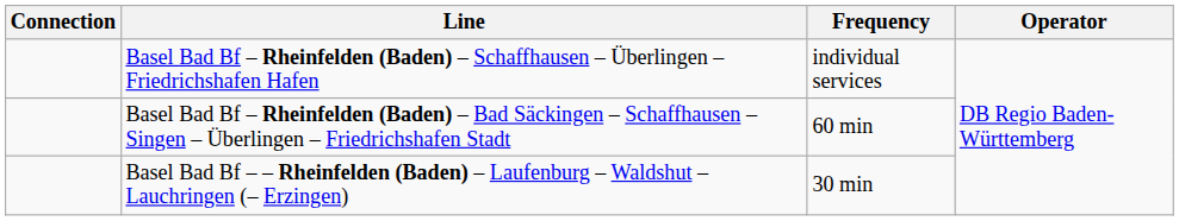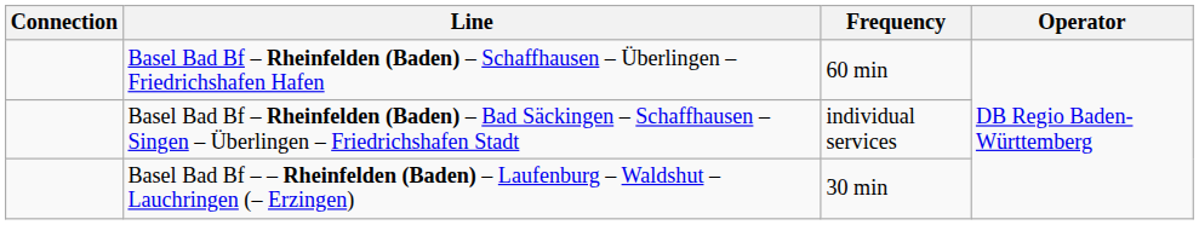 <table class="wikitable">
 <tr>
 <th>Connection</th>
 <th>Line</th>
 <th>Frequency</th>
 <th>Operator</th>
 </tr>
 <tr>
 <td align="center"></td>
 <td><a href='#'>Basel Bad Bf</a> – <strong>Rheinfelden (Baden)</strong> – <a href='#'>Schaffhausen</a> – Überlingen – <a href='#'>Friedrichshafen Hafen</a></td>
-<td>individual services</td>
+<td>60 min</td>
 <td rowspan="3"><a href='#'>DB Regio Baden-Württemberg</a></td>
 </tr>
 <tr>
 <td align="center"></td>
 <td>Basel Bad Bf – <strong>Rheinfelden (Baden)</strong> – <a href='#'>Bad Säckingen</a> – <a href='#'>Schaffhausen</a> – <a href='#'>Singen</a> – Überlingen – <a href='#'>Friedrichshafen Stadt</a></td>
-<td>60 min</td>
+<td>individual services</td>
 </tr>
 <tr>
 <td align="center"></td>
 <td>Basel Bad Bf –  – <strong>Rheinfelden (Baden)</strong> – <a href='#'>Laufenburg</a> – <a href='#'>Waldshut</a> – <a href='#'>Lauchringen</a> (– <a href='#'>Erzingen</a>)</td>
 <td>30 min</td>
 </tr>
 </table>
